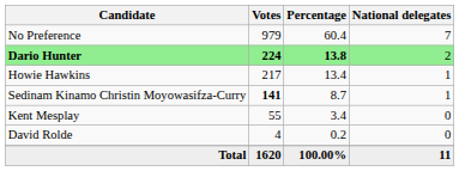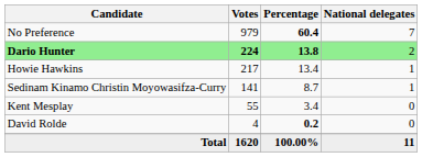 <table class="wikitable" style="text-align:right;">
 <tr>
 <th>Candidate</th>
 <th>Votes</th>
 <th>Percentage</th>
 <th>National delegates</th>
 </tr>
 <tr>
 <td style="text-align:left;">No Preference </td>
 <td>979</td>
-<td>60.4</td>
+<td><strong>60.4</strong></td>
 <td>7 </td>
 </tr>
 <tr style="background:lightgreen;">
 <td style="text-align:left;"><strong>Dario Hunter</strong></td>
 <td><strong>224</strong></td>
 <td><strong>13.8</strong></td>
 <td>2 </td>
 </tr>
 <tr>
 <td style="text-align:left;">Howie Hawkins</td>
 <td>217</td>
 <td>13.4</td>
 <td>1 </td>
 </tr>
 <tr>
 <td style="text-align:left;">Sedinam Kinamo Christin Moyowasifza-Curry</td>
-<td><strong>141</strong></td>
+<td>141</td>
 <td>8.7</td>
 <td>1 </td>
 </tr>
 <tr>
 <td style="text-align:left;">Kent Mesplay</td>
 <td>55</td>
 <td>3.4</td>
 <td>0</td>
 </tr>
 <tr>
 <td style="text-align:left;">David Rolde</td>
 <td>4</td>
-<td>0.2</td>
+<td><strong>0.2</strong></td>
 <td>0</td>
 </tr>
 <tr>
 </tr>
 <tr style="background:#eee;">
 <td style="margin-right:0.50px"><strong>Total</strong></td>
 <td style="margin-right:0.50px"><strong>1620</strong></td>
 <td style="margin-right:0.50px"><strong>100.00%</strong></td>
 <td style="margin-right:0.50px"><strong>11</strong></td>
 </tr>
 </table>
